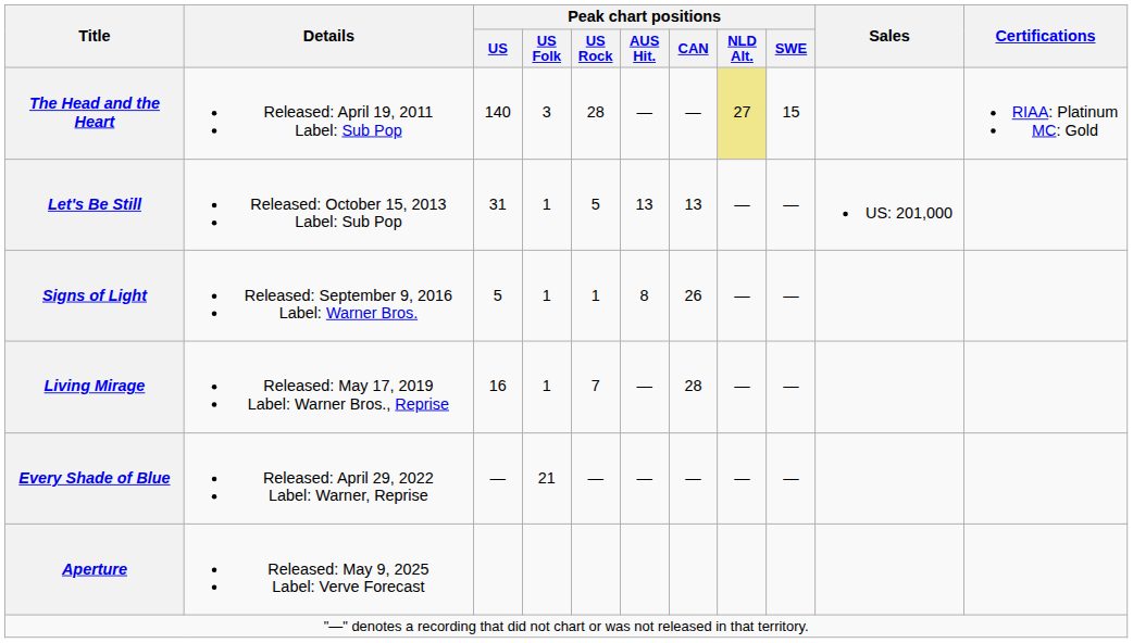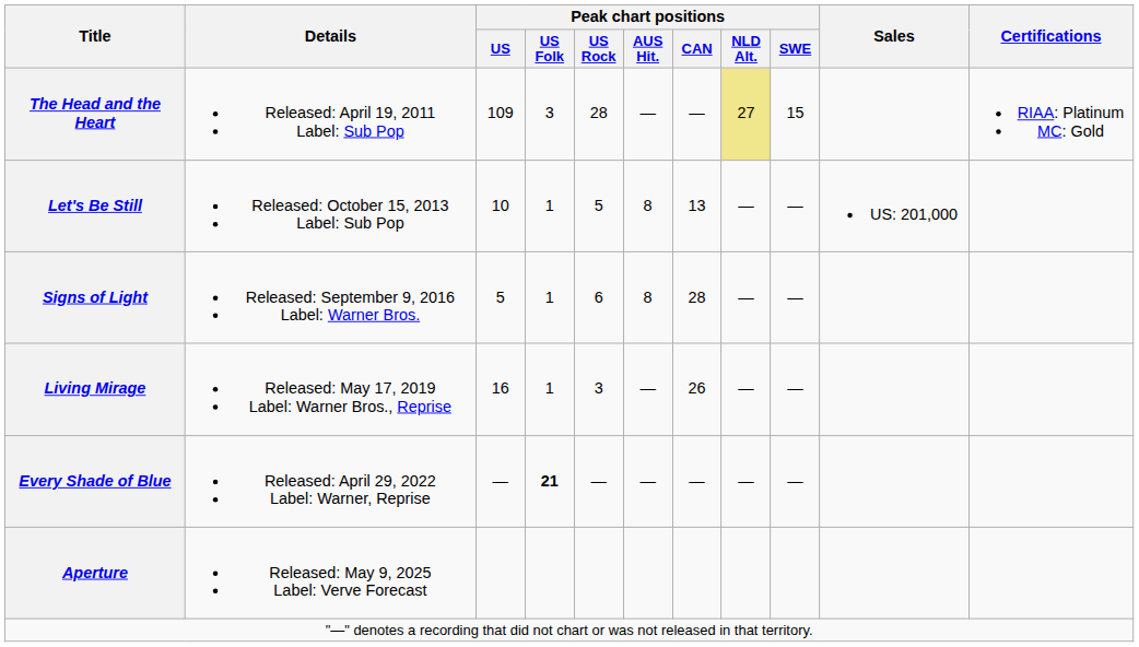 <table class="wikitable plainrowheaders" style="text-align:center;">
 <tr>
 <th scope="col" rowspan="2" style="width:11em;">Title</th>
 <th scope="col" rowspan="2" style="width:18em;">Details</th>
 <th scope="col" colspan="7">Peak chart positions</th>
 <th scope="col" rowspan="2" style="width:9em;">Sales</th>
 <th scope="col" rowspan="2" style="width:10em;"><a href='#'>Certifications</a></th>
 </tr>
 <tr>
 <th scope="col" style="width:3em;font-size:90%;"><a href='#'>US</a><br></th>
 <th scope="col" style="width:3em;font-size:90%;"><a href='#'>US<br>Folk</a><br></th>
 <th scope="col" style="width:3em;font-size:90%;"><a href='#'>US<br>Rock</a><br></th>
 <th scope="col" style="width:3em;font-size:90%;"><a href='#'>AUS<br>Hit.</a><br></th>
 <th scope="col" style="width:3em;font-size:90%;"><a href='#'>CAN</a><br></th>
 <th scope="col" style="width:3em;font-size:90%;"><a href='#'>NLD<br>Alt.</a><br></th>
 <th scope="col" style="width:3em;font-size:90%;"><a href='#'>SWE</a><br></th>
 </tr>
 <tr>
 <th scope="row"><em><a href='#'>The Head and the Heart</a></em></th>
 <td><br><ul><li>Released: April 19, 2011</li><li>Label: <a href='#'>Sub Pop</a></li></ul></td>
-<td>140</td>
+<td>109</td>
 <td>3</td>
 <td>28</td>
 <td>—</td>
 <td>—</td>
 <td style="background: khaki;">27</td>
 <td>15</td>
 <td></td>
 <td><br><ul><li><a href='#'>RIAA</a>: Platinum</li><li><a href='#'>MC</a>: Gold</li></ul></td>
 </tr>
 <tr>
 <th scope="row"><em><a href='#'>Let's Be Still</a></em></th>
 <td><br><ul><li>Released: October 15, 2013</li><li>Label: Sub Pop</li></ul></td>
-<td>31</td>
+<td>10</td>
 <td>1</td>
 <td>5</td>
-<td>13</td>
+<td>8</td>
 <td>13</td>
 <td>—</td>
 <td>—</td>
 <td><br><ul><li>US: 201,000</li></ul></td>
 <td></td>
 </tr>
 <tr>
 <th scope="row"><em><a href='#'>Signs of Light</a></em></th>
 <td><br><ul><li>Released: September 9, 2016</li><li>Label: <a href='#'>Warner Bros.</a></li></ul></td>
 <td>5</td>
 <td>1</td>
-<td>1</td>
+<td>6</td>
 <td>8</td>
-<td>26</td>
+<td>28</td>
 <td>—</td>
 <td>—</td>
 <td></td>
 <td></td>
 </tr>
 <tr>
 <th scope="row"><em><a href='#'>Living Mirage</a></em></th>
 <td><br><ul><li>Released: May 17, 2019</li><li>Label: Warner Bros., <a href='#'>Reprise</a></li></ul></td>
 <td>16</td>
 <td>1</td>
-<td>7</td>
+<td>3</td>
 <td>—</td>
-<td>28</td>
+<td>26</td>
 <td>—</td>
 <td>—</td>
 <td></td>
 <td></td>
 </tr>
 <tr>
 <th scope="row"><em><a href='#'>Every Shade of Blue</a></em></th>
 <td><br><ul><li>Released: April 29, 2022</li><li>Label: Warner, Reprise</li></ul></td>
 <td>—</td>
-<td>21</td>
+<td><strong>21</strong></td>
 <td>—</td>
 <td>—</td>
 <td>—</td>
 <td>—</td>
 <td>—</td>
 <td></td>
 <td></td>
 </tr>
 <tr>
 <th scope="row"><em><a href='#'>Aperture</a></em></th>
 <td><br><ul><li>Released: May 9, 2025</li><li>Label: Verve Forecast</li></ul></td>
 <td></td>
 <td></td>
 <td></td>
 <td></td>
 <td></td>
 <td></td>
 <td></td>
 <td></td>
 <td></td>
 </tr>
 <tr>
 <td colspan="12" style="font-size:90%">"—" denotes a recording that did not chart or was not released in that territory.</td>
 </tr>
 </table>
